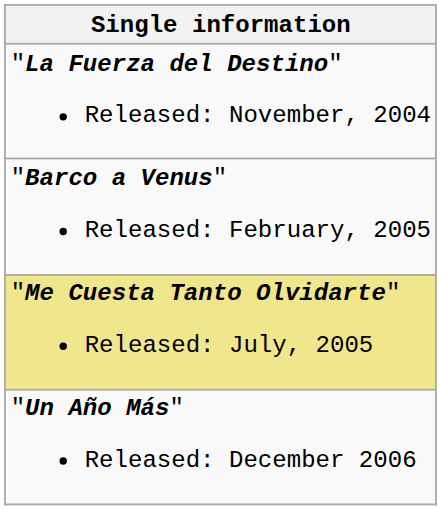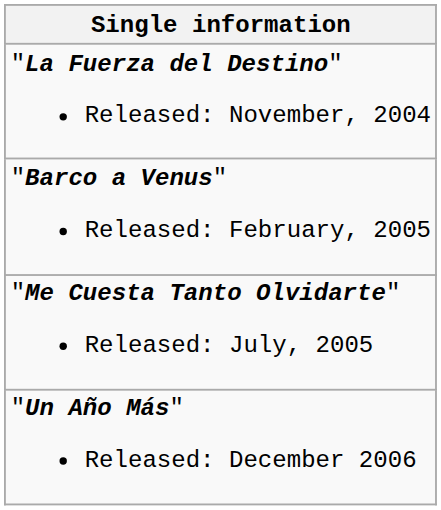 <table class="wikitable">
 <tr>
 <th align="left">Single information</th>
 </tr>
 <tr>
 <td align="left">"<strong><em>La Fuerza del Destino</em></strong>"<br><ul><li>Released:  November, 2004</li></ul></td>
 </tr>
 <tr>
 <td align="left">"<strong><em>Barco a Venus</em></strong>"<br><ul><li>Released:  February, 2005</li></ul></td>
 </tr>
 <tr>
-<td align="left" style="background: khaki;">"<strong><em>Me Cuesta Tanto Olvidarte</em></strong>"<br><ul><li>Released:  July, 2005</li></ul></td>
+<td align="left">"<strong><em>Me Cuesta Tanto Olvidarte</em></strong>"<br><ul><li>Released:  July, 2005</li></ul></td>
 </tr>
 <tr>
 <td align="left">"<strong><em>Un Año Más</em></strong>"<br><ul><li>Released:  December 2006</li></ul></td>
 </tr>
 </table>
